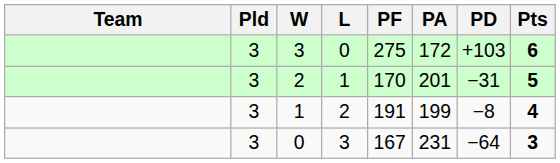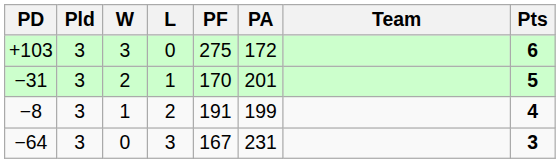 <table class=wikitable style="text-align:center">
 <tr>
-<th width=180>Team</th>
+<th width=30>PD</th>
 <th width=30>Pld</th>
 <th width=30>W</th>
 <th width=30>L</th>
 <th width=30>PF</th>
 <th width=30>PA</th>
-<th width=30>PD</th>
+<th width=180>Team</th>
 <th width=30>Pts</th>
 </tr>
 <tr align=center bgcolor="#ccffcc">
-<td align=left></td>
+<td>+103</td>
 <td>3</td>
 <td>3</td>
 <td>0</td>
 <td>275</td>
 <td>172</td>
-<td>+103</td>
+<td align=left></td>
 <td><strong>6</strong></td>
 </tr>
 <tr align=center bgcolor="#ccffcc">
-<td align=left></td>
+<td>−31</td>
 <td>3</td>
 <td>2</td>
 <td>1</td>
 <td>170</td>
 <td>201</td>
-<td>−31</td>
+<td align=left></td>
 <td><strong>5</strong></td>
 </tr>
 <tr align=center>
-<td align=left></td>
+<td>−8</td>
 <td>3</td>
 <td>1</td>
 <td>2</td>
 <td>191</td>
 <td>199</td>
-<td>−8</td>
+<td align=left></td>
 <td><strong>4</strong></td>
 </tr>
 <tr align=center>
-<td align=left></td>
+<td>−64</td>
 <td>3</td>
 <td>0</td>
 <td>3</td>
 <td>167</td>
 <td>231</td>
-<td>−64</td>
+<td align=left></td>
 <td><strong>3</strong></td>
 </tr>
 </table>
